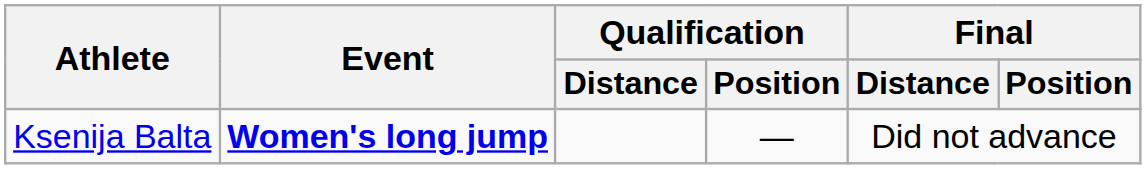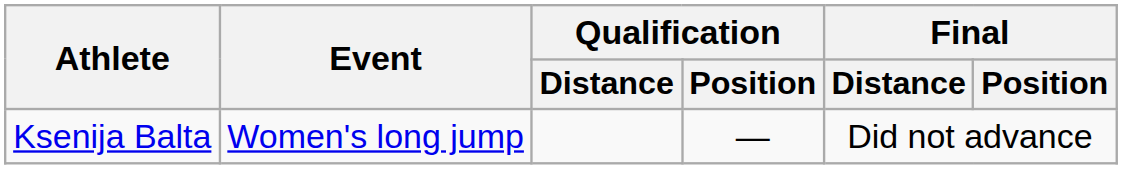 <table class=wikitable style="font-size:90%">
 <tr>
 <th rowspan="2">Athlete</th>
 <th rowspan="2">Event</th>
 <th colspan="2">Qualification</th>
 <th colspan="2">Final</th>
 </tr>
 <tr style="font-size:95%">
 <th>Distance</th>
 <th>Position</th>
 <th>Distance</th>
 <th>Position</th>
 </tr>
 <tr align=center>
 <td align=left><a href='#'>Ksenija Balta</a></td>
-<td align=left><strong><a href='#'>Women's long jump</a></strong></td>
+<td align=left><a href='#'>Women's long jump</a></td>
 <td></td>
 <td>—</td>
 <td colspan="2">Did not advance</td>
 </tr>
 </table>
